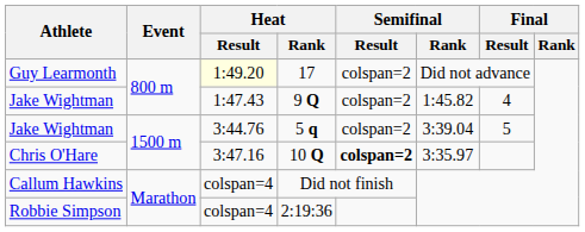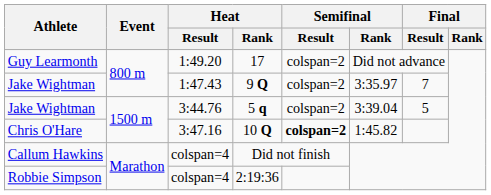 <table class="wikitable" style="font-size:90%">
 <tr>
 <th rowspan=2>Athlete</th>
 <th rowspan=2>Event</th>
 <th colspan=2>Heat</th>
 <th colspan=2>Semifinal</th>
 <th colspan=2>Final</th>
 </tr>
 <tr style="font-size:95%">
 <th>Result</th>
 <th>Rank</th>
 <th>Result</th>
 <th>Rank</th>
 <th>Result</th>
 <th>Rank</th>
 </tr>
 <tr align=center>
 <td align=left><a href='#'>Guy Learmonth</a></td>
 <td style="text-align:left;" rowspan="2"><a href='#'>800 m</a></td>
-<td style="background: lightyellow;">1:49.20</td>
+<td>1:49.20</td>
 <td>17</td>
 <td>colspan=2 </td>
 <td colspan=2>Did not advance</td>
 </tr>
 <tr align=center>
 <td align=left><a href='#'>Jake Wightman</a></td>
 <td>1:47.43</td>
 <td>9 <strong>Q</strong></td>
 <td>colspan=2 </td>
-<td>1:45.82</td>
-<td>4</td>
+<td>3:35.97</td>
+<td>7</td>
 </tr>
 <tr align=center>
 <td align=left><a href='#'>Jake Wightman</a></td>
 <td style="text-align:left;" rowspan="2"><a href='#'>1500 m</a></td>
 <td>3:44.76</td>
 <td>5 <strong>q</strong></td>
 <td>colspan=2 </td>
 <td>3:39.04</td>
 <td>5</td>
 </tr>
 <tr align=center>
 <td align=left><a href='#'>Chris O'Hare</a></td>
 <td>3:47.16</td>
 <td>10 <strong>Q</strong></td>
 <td><strong>colspan=2 </strong></td>
-<td>3:35.97</td>
+<td>1:45.82</td>
 <td></td>
 </tr>
 <tr align=center>
 <td align=left><a href='#'>Callum Hawkins</a></td>
 <td style="text-align:left;" rowspan="2"><a href='#'>Marathon</a></td>
 <td>colspan=4 </td>
 <td colspan=2>Did not finish</td>
 </tr>
 <tr align=center>
 <td align=left><a href='#'>Robbie Simpson</a></td>
 <td>colspan=4 </td>
 <td>2:19:36</td>
 <td></td>
 </tr>
 </table>
